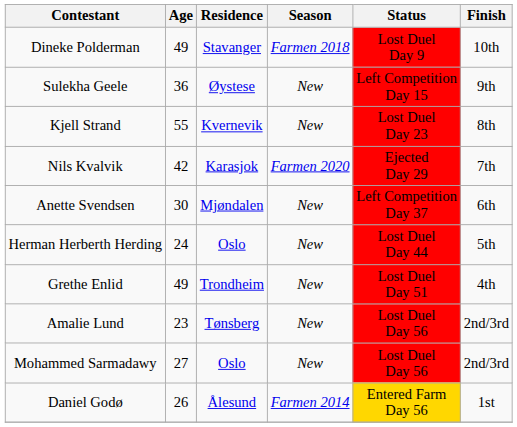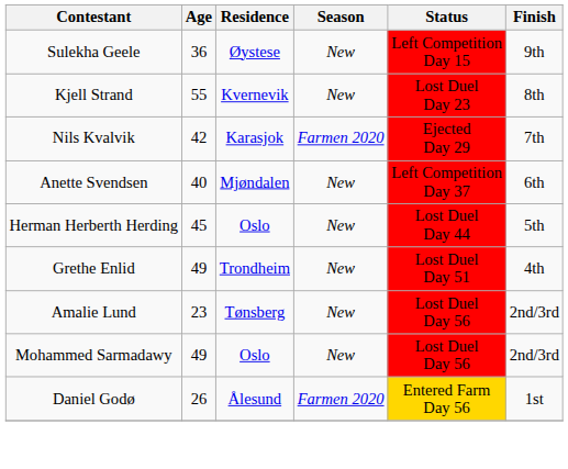 <table class="wikitable sortable" style="margin:auto; text-align:center">
 <tr>
 <th>Contestant</th>
 <th>Age</th>
 <th>Residence</th>
 <th>Season</th>
 <th>Status</th>
 <th>Finish</th>
-</tr>
-<tr>
-<td>Dineke Polderman</td>
-<td>49</td>
-<td><a href='#'>Stavanger</a></td>
-<td><em><a href='#'>Farmen 2018</a></em></td>
-<td style="background:#ff0000;">Lost Duel<br>Day 9</td>
-<td>10th</td>
 </tr>
 <tr>
 <td>Sulekha Geele</td>
 <td>36</td>
 <td><a href='#'>Øystese</a></td>
 <td><em>New</em></td>
 <td style="background:#ff0000;">Left Competition<br>Day 15</td>
 <td>9th</td>
 </tr>
 <tr>
 <td>Kjell Strand</td>
 <td>55</td>
 <td><a href='#'>Kvernevik</a></td>
 <td><em>New</em></td>
 <td style="background:#ff0000;">Lost Duel<br>Day 23</td>
 <td>8th</td>
 </tr>
 <tr>
 <td>Nils Kvalvik</td>
 <td>42</td>
 <td><a href='#'>Karasjok</a></td>
 <td><em><a href='#'>Farmen 2020</a></em></td>
 <td style="background:#ff0000;">Ejected<br>Day 29</td>
 <td>7th</td>
 </tr>
 <tr>
 <td>Anette Svendsen</td>
-<td>30</td>
+<td>40</td>
 <td><a href='#'>Mjøndalen</a></td>
 <td><em>New</em></td>
 <td style="background:#ff0000;">Left Competition<br>Day 37</td>
 <td>6th</td>
 </tr>
 <tr>
 <td>Herman Herberth Herding</td>
-<td>24</td>
+<td>45</td>
 <td><a href='#'>Oslo</a></td>
 <td><em>New</em></td>
 <td style="background:#ff0000;">Lost Duel<br>Day 44</td>
 <td>5th</td>
 </tr>
 <tr>
 <td>Grethe Enlid</td>
 <td>49</td>
 <td><a href='#'>Trondheim</a></td>
 <td><em>New</em></td>
 <td style="background:#ff0000">Lost Duel<br>Day 51</td>
 <td>4th</td>
 </tr>
 <tr>
 <td>Amalie Lund</td>
 <td>23</td>
 <td><a href='#'>Tønsberg</a></td>
 <td><em>New</em></td>
 <td style="background:#ff0000;">Lost Duel<br>Day 56</td>
 <td>2nd/3rd</td>
 </tr>
 <tr>
 <td>Mohammed Sarmadawy</td>
-<td>27</td>
+<td>49</td>
 <td><a href='#'>Oslo</a></td>
 <td><em>New</em></td>
 <td style="background:#ff0000;">Lost Duel<br>Day 56</td>
 <td>2nd/3rd</td>
 </tr>
 <tr>
 <td>Daniel Godø</td>
 <td>26</td>
 <td><a href='#'>Ålesund</a></td>
-<td><em><a href='#'>Farmen 2014</a></em></td>
+<td><em><a href='#'>Farmen 2020</a></em></td>
 <td style="background:gold;">Entered Farm<br>Day 56</td>
 <td>1st</td>
 </tr>
 <tr>
 </tr>
 </table>
